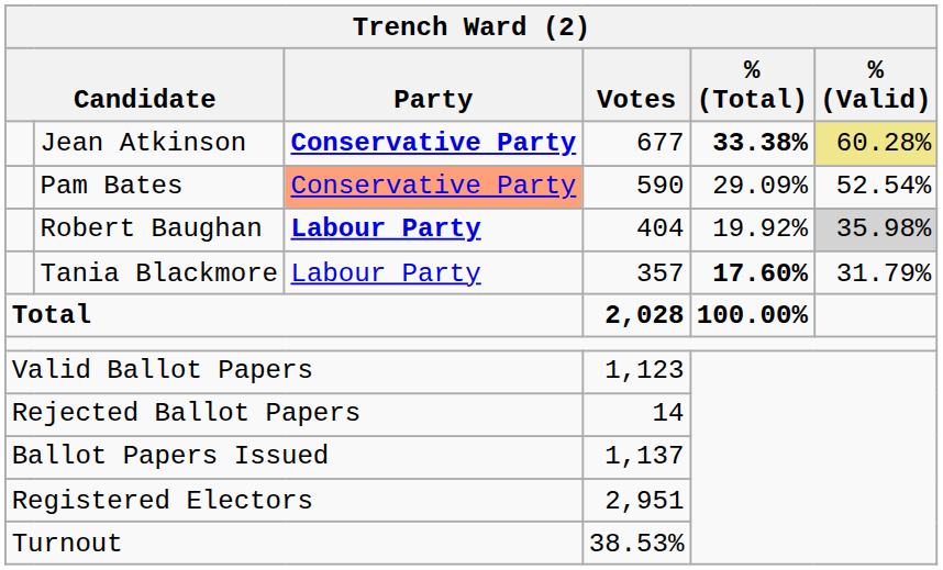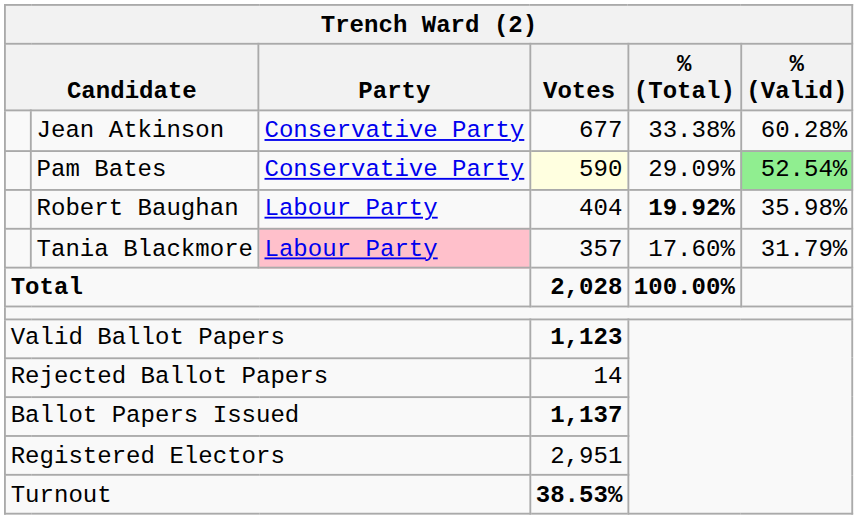 <table class="wikitable" border="1" style="text-align:right; font-size:100%">
 <tr>
 <th align=center colspan=6>Trench Ward (2)</th>
 </tr>
 <tr>
 <th valign=bottom align=left colspan=2>Candidate</th>
 <th valign=bottom align=left>Party</th>
 <th valign=bottom align=center>Votes</th>
 <th align=center>%<br>(Total)</th>
 <th align=center>%<br>(Valid)</th>
 </tr>
 <tr>
 <td bgcolor=> </td>
 <td align=left>Jean Atkinson</td>
-<td align=left><strong><a href='#'>Conservative Party</a></strong></td>
+<td align=left><a href='#'>Conservative Party</a></td>
 <td>677</td>
-<td><strong>33.38%</strong></td>
-<td style="background: khaki;">60.28%</td>
+<td>33.38%</td>
+<td>60.28%</td>
 </tr>
 <tr>
 <td bgcolor=> </td>
 <td align=left>Pam Bates</td>
-<td align=left style="background: lightsalmon;"><a href='#'>Conservative Party</a></td>
-<td>590</td>
+<td align=left><a href='#'>Conservative Party</a></td>
+<td style="background: lightyellow;">590</td>
 <td>29.09%</td>
-<td>52.54%</td>
+<td style="background: lightgreen;">52.54%</td>
 </tr>
 <tr>
 <td bgcolor=> </td>
 <td align=left>Robert Baughan</td>
-<td align=left><strong><a href='#'>Labour Party</a></strong></td>
+<td align=left><a href='#'>Labour Party</a></td>
 <td>404</td>
-<td>19.92%</td>
-<td style="background: lightgrey;">35.98%</td>
+<td><strong>19.92%</strong></td>
+<td>35.98%</td>
 </tr>
 <tr>
 <td bgcolor=> </td>
 <td align=left>Tania Blackmore</td>
-<td align=left><a href='#'>Labour Party</a></td>
+<td align=left style="background: pink;"><a href='#'>Labour Party</a></td>
 <td>357</td>
-<td><strong>17.60%</strong></td>
+<td>17.60%</td>
 <td>31.79%</td>
 </tr>
 <tr>
 <td align=left colspan=3><strong>Total</strong></td>
 <td><strong>2,028</strong></td>
 <td><strong>100.00%</strong></td>
 <td></td>
 </tr>
 <tr>
 <td align=left colspan=6></td>
 </tr>
 <tr>
 <td align=left colspan=3>Valid Ballot Papers</td>
-<td>1,123</td>
+<td><strong>1,123</strong></td>
 <td colspan=2 rowspan=5></td>
 </tr>
 <tr>
 <td align=left colspan=3>Rejected Ballot Papers</td>
 <td>14</td>
 </tr>
 <tr>
 <td align=left colspan=3>Ballot Papers Issued</td>
-<td>1,137</td>
+<td><strong>1,137</strong></td>
 </tr>
 <tr>
 <td align=left colspan=3>Registered Electors</td>
 <td>2,951</td>
 </tr>
 <tr>
 <td align=left colspan=3>Turnout</td>
-<td>38.53%</td>
+<td><strong>38.53%</strong></td>
 </tr>
 </table>
